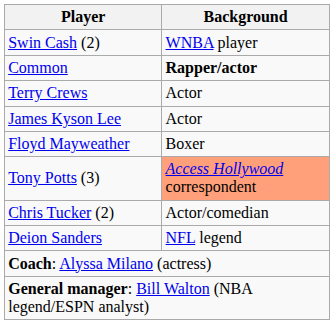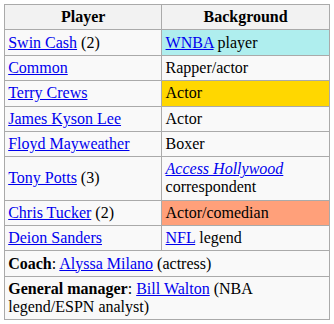 <table class="wikitable">
 <tr>
 <th width=150>Player</th>
 <th width=160>Background</th>
 </tr>
 <tr>
 <td><a href='#'>Swin Cash</a> (2)</td>
-<td><a href='#'>WNBA</a> player</td>
+<td style="background: paleturquoise;"><a href='#'>WNBA</a> player</td>
 </tr>
 <tr>
 <td><a href='#'>Common</a></td>
-<td><strong>Rapper/actor</strong></td>
+<td>Rapper/actor</td>
 </tr>
 <tr>
 <td><a href='#'>Terry Crews</a></td>
-<td>Actor</td>
+<td style="background: gold;">Actor</td>
 </tr>
 <tr>
 <td><a href='#'>James Kyson Lee</a></td>
 <td>Actor</td>
 </tr>
 <tr>
 <td><a href='#'>Floyd Mayweather</a></td>
 <td>Boxer</td>
 </tr>
 <tr>
 <td><a href='#'>Tony Potts</a> (3)</td>
-<td style="background: lightsalmon;"><em><a href='#'>Access Hollywood</a></em> correspondent</td>
+<td><em><a href='#'>Access Hollywood</a></em> correspondent</td>
 </tr>
 <tr>
 <td><a href='#'>Chris Tucker</a> (2)</td>
-<td>Actor/comedian</td>
+<td style="background: lightsalmon;">Actor/comedian</td>
 </tr>
 <tr>
 <td><a href='#'>Deion Sanders</a></td>
 <td><a href='#'>NFL</a> legend</td>
 </tr>
 <tr>
 <td colspan="3"><strong>Coach</strong>: <a href='#'>Alyssa Milano</a> (actress)</td>
 </tr>
 <tr>
 <td colspan="3"><strong>General manager</strong>: <a href='#'>Bill Walton</a> (NBA legend/ESPN analyst)</td>
 </tr>
 </table>
